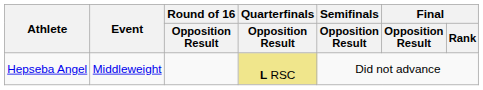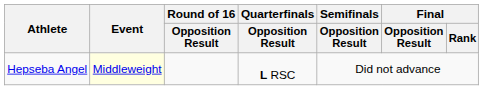 <table class="wikitable" style="font-size:90%; text-align:center">
 <tr>
 <th rowspan=2>Athlete</th>
 <th rowspan=2>Event</th>
 <th>Round of 16</th>
 <th>Quarterfinals</th>
 <th>Semifinals</th>
 <th colspan=2>Final</th>
 </tr>
 <tr style="font-size:95%">
 <th>Opposition<br>Result</th>
 <th>Opposition<br>Result</th>
 <th>Opposition<br>Result</th>
 <th>Opposition<br>Result</th>
 <th>Rank</th>
 </tr>
 <tr>
 <td align=left><a href='#'>Hepseba Angel</a></td>
-<td align=left><a href='#'>Middleweight</a></td>
+<td align=left style="background: lightyellow;"><a href='#'>Middleweight</a></td>
 <td></td>
-<td style="background: khaki;"><br><strong>L</strong> RSC</td>
+<td><br><strong>L</strong> RSC</td>
 <td colspan=3>Did not advance</td>
 </tr>
 </table>
